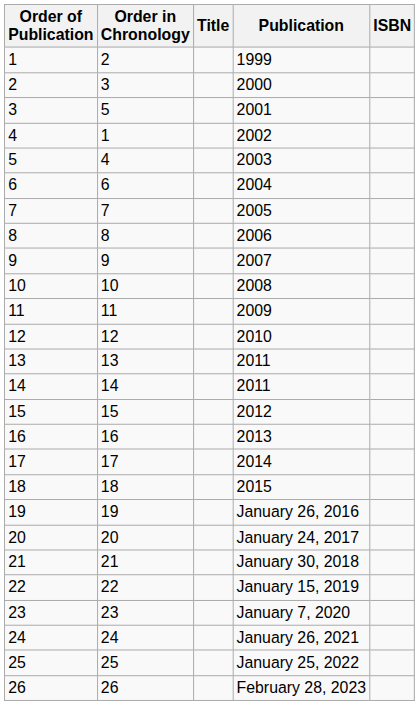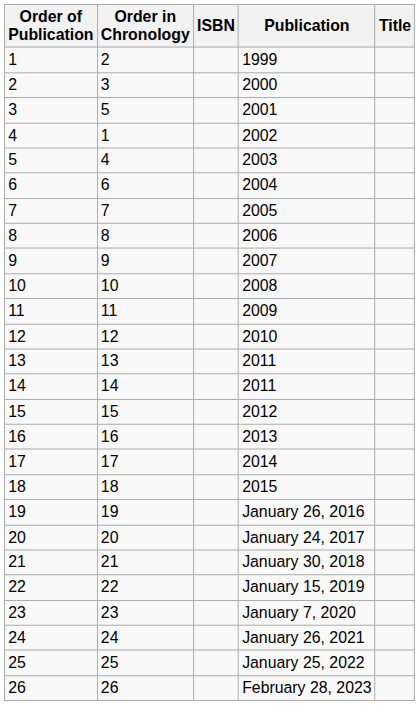 <table class="wikitable sortable">
 <tr>
 <th>Order of<br>Publication</th>
 <th>Order in<br>Chronology</th>
+<th>ISBN</th>
+<th>Publication</th>
 <th>Title</th>
-<th>Publication</th>
-<th>ISBN</th>
 </tr>
 <tr>
 <td>1</td>
 <td>2</td>
 <td></td>
 <td>1999</td>
 <td></td>
 </tr>
 <tr>
 <td>2</td>
 <td>3</td>
 <td></td>
 <td>2000</td>
 <td></td>
 </tr>
 <tr>
 <td>3</td>
 <td>5</td>
 <td></td>
 <td>2001</td>
 <td></td>
 </tr>
 <tr>
 <td>4</td>
 <td>1</td>
 <td></td>
 <td>2002</td>
 <td></td>
 </tr>
 <tr>
 <td>5</td>
 <td>4</td>
 <td></td>
 <td>2003</td>
 <td></td>
 </tr>
 <tr>
 <td>6</td>
 <td>6</td>
 <td></td>
 <td>2004</td>
 <td></td>
 </tr>
 <tr>
 <td>7</td>
 <td>7</td>
 <td></td>
 <td>2005</td>
 <td></td>
 </tr>
 <tr>
 <td>8</td>
 <td>8</td>
 <td></td>
 <td>2006</td>
 <td></td>
 </tr>
 <tr>
 <td>9</td>
 <td>9</td>
 <td></td>
 <td>2007</td>
 <td></td>
 </tr>
 <tr>
 <td>10</td>
 <td>10</td>
 <td></td>
 <td>2008</td>
 <td></td>
 </tr>
 <tr>
 <td>11</td>
 <td>11</td>
 <td></td>
 <td>2009</td>
 <td></td>
 </tr>
 <tr>
 <td>12</td>
 <td>12</td>
 <td></td>
 <td>2010</td>
 <td></td>
 </tr>
 <tr>
 <td>13</td>
 <td>13</td>
 <td></td>
 <td>2011</td>
 <td></td>
 </tr>
 <tr>
 <td>14</td>
 <td>14</td>
 <td></td>
 <td>2011</td>
 <td></td>
 </tr>
 <tr>
 <td>15</td>
 <td>15</td>
 <td></td>
 <td>2012</td>
 <td></td>
 </tr>
 <tr>
 <td>16</td>
 <td>16</td>
 <td></td>
 <td>2013</td>
 <td></td>
 </tr>
 <tr>
 <td>17</td>
 <td>17</td>
 <td></td>
 <td>2014</td>
 <td></td>
 </tr>
 <tr>
 <td>18</td>
 <td>18</td>
 <td></td>
 <td>2015</td>
 <td></td>
 </tr>
 <tr>
 <td>19</td>
 <td>19</td>
 <td></td>
 <td>January 26, 2016</td>
 <td></td>
 </tr>
 <tr>
 <td>20</td>
 <td>20</td>
 <td></td>
 <td>January 24, 2017</td>
 <td></td>
 </tr>
 <tr>
 <td>21</td>
 <td>21</td>
 <td></td>
 <td>January 30, 2018</td>
 <td></td>
 </tr>
 <tr>
 <td>22</td>
 <td>22</td>
 <td></td>
 <td>January 15, 2019</td>
 <td></td>
 </tr>
 <tr>
 <td>23</td>
 <td>23</td>
 <td></td>
 <td>January 7, 2020</td>
 <td></td>
 </tr>
 <tr>
 <td>24</td>
 <td>24</td>
 <td></td>
 <td>January 26, 2021</td>
 <td></td>
 </tr>
 <tr>
 <td>25</td>
 <td>25</td>
 <td></td>
 <td>January 25, 2022</td>
 <td></td>
 </tr>
 <tr>
 <td>26</td>
 <td>26</td>
 <td></td>
 <td>February 28, 2023</td>
 <td></td>
 </tr>
 </table>
